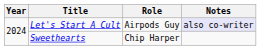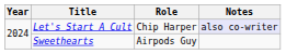 <table class="wikitable">
 <tr>
 <th>Year</th>
 <th>Title</th>
 <th>Role</th>
 <th>Notes</th>
 </tr>
 <tr>
 <td rowspan="2">2024</td>
 <td><em><a href='#'>Let's Start A Cult</a></em></td>
-<td>Airpods Guy</td>
+<td>Chip Harper</td>
 <td style="background: lavender;">also co-writer</td>
 </tr>
 <tr>
 <td><em><a href='#'>Sweethearts</a></em></td>
-<td>Chip Harper</td>
+<td>Airpods Guy</td>
 <td></td>
 </tr>
 </table>
